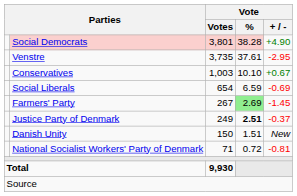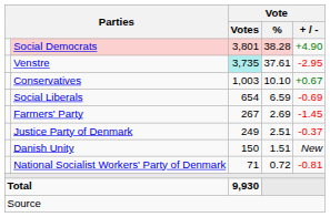 <table class="wikitable" style="text-align:right;">
 <tr>
 <th style="text-align:centre;" rowspan="2" colspan="2" width="225">Parties</th>
 <th colspan="3">Vote</th>
 </tr>
 <tr>
 <th width="15">Votes</th>
 <th width="15">%</th>
 <th width="15">+ / -</th>
 </tr>
 <tr>
 <td width="2" style="color:inherit;background:"></td>
 <td bgcolor=#fbd0ce  align="left"><a href='#'>Social Democrats</a></td>
 <td bgcolor=#fbd0ce>3,801</td>
 <td bgcolor=#fbd0ce>38.28</td>
 <td style=color:green;>+4.90</td>
 </tr>
 <tr>
 <td width="2" style="color:inherit;background:"></td>
 <td align="left"><a href='#'>Venstre</a></td>
-<td>3,735</td>
+<td style="background: paleturquoise;">3,735</td>
 <td>37.61</td>
 <td style=color:red;>-2.95</td>
 </tr>
 <tr>
 <td width="2" style="color:inherit;background:"></td>
 <td align="left"><a href='#'>Conservatives</a></td>
 <td>1,003</td>
 <td>10.10</td>
 <td style=color:green;>+0.67</td>
 </tr>
 <tr>
 <td width="2" style="color:inherit;background:"></td>
 <td align="left"><a href='#'>Social Liberals</a></td>
 <td>654</td>
 <td>6.59</td>
 <td style=color:red;>-0.69</td>
 </tr>
 <tr>
 <td width="2" style="color:inherit;background:"></td>
 <td align="left"><a href='#'>Farmers' Party</a></td>
 <td>267</td>
-<td style="background: lightgreen;">2.69</td>
+<td>2.69</td>
 <td style=color:red;>-1.45</td>
 </tr>
 <tr>
 <td width="2" style="color:inherit;background:"></td>
 <td align="left"><a href='#'>Justice Party of Denmark</a></td>
 <td>249</td>
-<td><strong>2.51</strong></td>
+<td>2.51</td>
 <td style=color:red;>-0.37</td>
 </tr>
 <tr>
 <td width="2" style="color:inherit;background:"></td>
 <td align="left"><a href='#'>Danish Unity</a></td>
 <td>150</td>
 <td>1.51</td>
 <td><em>New</em></td>
 </tr>
 <tr>
 <td width="2" style="color:inherit;background:"></td>
 <td align="left"><a href='#'>National Socialist Workers' Party of Denmark</a></td>
 <td>71</td>
 <td>0.72</td>
 <td style=color:red;>-0.81</td>
 </tr>
 <tr>
 <td colspan="7" bgcolor="#E9E9E9"></td>
 </tr>
 <tr>
 <td align="left" colspan="2"><strong>Total</strong></td>
 <td><strong>9,930</strong></td>
 <td bgcolor="#E9E9E9" colspan="2"></td>
 </tr>
 <tr>
 <td align="left" colspan="6">Source</td>
 </tr>
 </table>
